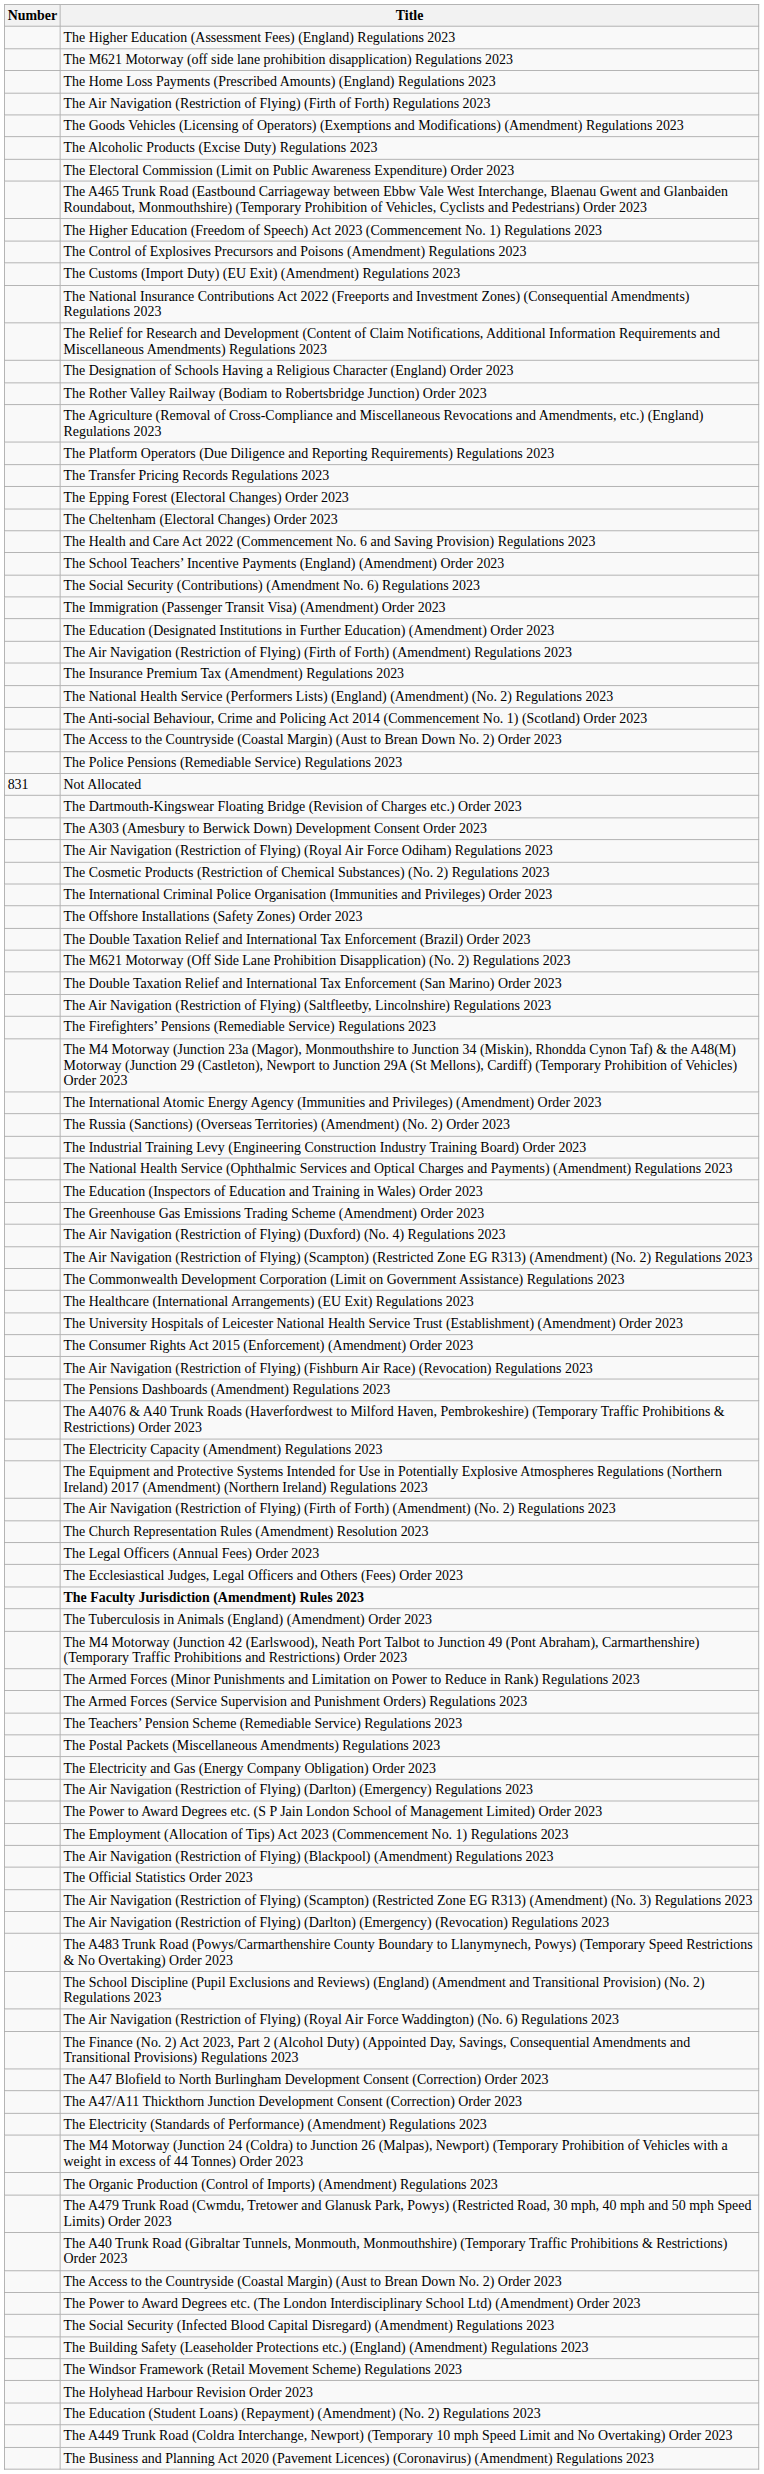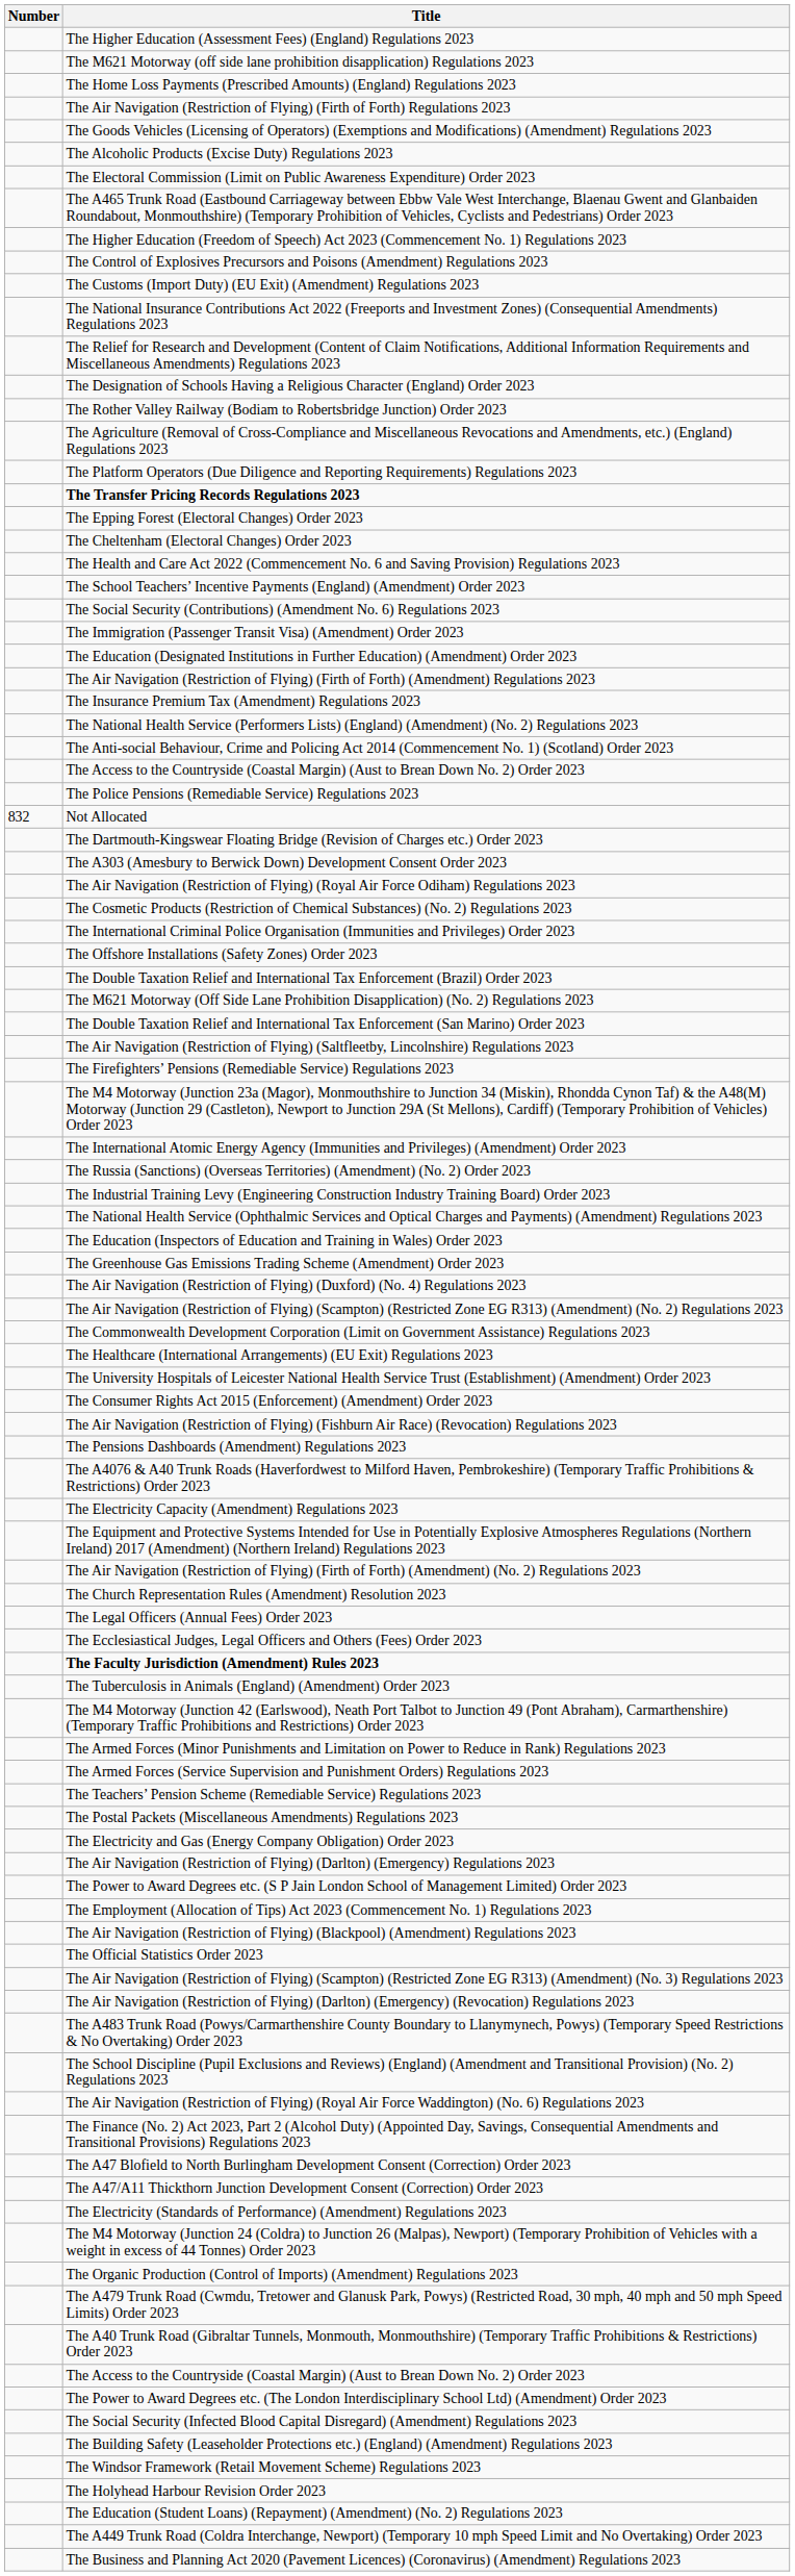 <table class="wikitable collapsible">
 <tr>
 <th>Number</th>
 <th>Title</th>
 </tr>
 <tr>
 <td></td>
 <td>The Higher Education (Assessment Fees) (England) Regulations 2023</td>
 </tr>
 <tr>
 <td></td>
 <td>The M621 Motorway (off side lane prohibition disapplication) Regulations 2023</td>
 </tr>
 <tr>
 <td></td>
 <td>The Home Loss Payments (Prescribed Amounts) (England) Regulations 2023</td>
 </tr>
 <tr>
 <td></td>
 <td>The Air Navigation (Restriction of Flying) (Firth of Forth) Regulations 2023</td>
 </tr>
 <tr>
 <td></td>
 <td>The Goods Vehicles (Licensing of Operators) (Exemptions and Modifications) (Amendment) Regulations 2023</td>
 </tr>
 <tr>
 <td></td>
 <td>The Alcoholic Products (Excise Duty) Regulations 2023</td>
 </tr>
 <tr>
 <td></td>
 <td>The Electoral Commission (Limit on Public Awareness Expenditure) Order 2023</td>
 </tr>
 <tr>
 <td></td>
 <td>The A465 Trunk Road (Eastbound Carriageway between Ebbw Vale West Interchange, Blaenau Gwent and Glanbaiden Roundabout, Monmouthshire) (Temporary Prohibition of Vehicles, Cyclists and Pedestrians) Order 2023</td>
 </tr>
 <tr>
 <td></td>
 <td>The Higher Education (Freedom of Speech) Act 2023 (Commencement No. 1) Regulations 2023</td>
 </tr>
 <tr>
 <td></td>
 <td>The Control of Explosives Precursors and Poisons (Amendment) Regulations 2023</td>
 </tr>
 <tr>
 <td></td>
 <td>The Customs (Import Duty) (EU Exit) (Amendment) Regulations 2023</td>
 </tr>
 <tr>
 <td></td>
 <td>The National Insurance Contributions Act 2022 (Freeports and Investment Zones) (Consequential Amendments) Regulations 2023</td>
 </tr>
 <tr>
 <td></td>
 <td>The Relief for Research and Development (Content of Claim Notifications, Additional Information Requirements and Miscellaneous Amendments) Regulations 2023</td>
 </tr>
 <tr>
 <td></td>
 <td>The Designation of Schools Having a Religious Character (England) Order 2023</td>
 </tr>
 <tr>
 <td></td>
 <td>The Rother Valley Railway (Bodiam to Robertsbridge Junction) Order 2023</td>
 </tr>
 <tr>
 <td></td>
 <td>The Agriculture (Removal of Cross-Compliance and Miscellaneous Revocations and Amendments, etc.) (England) Regulations 2023</td>
 </tr>
 <tr>
 <td></td>
 <td>The Platform Operators (Due Diligence and Reporting Requirements) Regulations 2023</td>
 </tr>
 <tr>
 <td></td>
-<td>The Transfer Pricing Records Regulations 2023</td>
+<td><strong>The Transfer Pricing Records Regulations 2023</strong></td>
 </tr>
 <tr>
 <td></td>
 <td>The Epping Forest (Electoral Changes) Order 2023</td>
 </tr>
 <tr>
 <td></td>
 <td>The Cheltenham (Electoral Changes) Order 2023</td>
 </tr>
 <tr>
 <td></td>
 <td>The Health and Care Act 2022 (Commencement No. 6 and Saving Provision) Regulations 2023</td>
 </tr>
 <tr>
 <td></td>
 <td>The School Teachers’ Incentive Payments (England) (Amendment) Order 2023</td>
 </tr>
 <tr>
 <td></td>
 <td>The Social Security (Contributions) (Amendment No. 6) Regulations 2023</td>
 </tr>
 <tr>
 <td></td>
 <td>The Immigration (Passenger Transit Visa) (Amendment) Order 2023</td>
 </tr>
 <tr>
 <td></td>
 <td>The Education (Designated Institutions in Further Education) (Amendment) Order 2023</td>
 </tr>
 <tr>
 <td></td>
 <td>The Air Navigation (Restriction of Flying) (Firth of Forth) (Amendment) Regulations 2023</td>
 </tr>
 <tr>
 <td></td>
 <td>The Insurance Premium Tax (Amendment) Regulations 2023</td>
 </tr>
 <tr>
 <td></td>
 <td>The National Health Service (Performers Lists) (England) (Amendment) (No. 2) Regulations 2023</td>
 </tr>
 <tr>
 <td></td>
 <td>The Anti-social Behaviour, Crime and Policing Act 2014 (Commencement No. 1) (Scotland) Order 2023</td>
 </tr>
 <tr>
 <td></td>
 <td>The Access to the Countryside (Coastal Margin) (Aust to Brean Down No. 2) Order 2023</td>
 </tr>
 <tr>
 <td></td>
 <td>The Police Pensions (Remediable Service) Regulations 2023</td>
 </tr>
 <tr>
-<td>831</td>
+<td>832</td>
 <td>Not Allocated</td>
 </tr>
 <tr>
 <td></td>
 <td>The Dartmouth-Kingswear Floating Bridge (Revision of Charges etc.) Order 2023</td>
 </tr>
 <tr>
 <td></td>
 <td>The A303 (Amesbury to Berwick Down) Development Consent Order 2023</td>
 </tr>
 <tr>
 <td></td>
 <td>The Air Navigation (Restriction of Flying) (Royal Air Force Odiham) Regulations 2023</td>
 </tr>
 <tr>
 <td></td>
 <td>The Cosmetic Products (Restriction of Chemical Substances) (No. 2) Regulations 2023</td>
 </tr>
 <tr>
 <td></td>
 <td>The International Criminal Police Organisation (Immunities and Privileges) Order 2023</td>
 </tr>
 <tr>
 <td></td>
 <td>The Offshore Installations (Safety Zones) Order 2023</td>
 </tr>
 <tr>
 <td></td>
 <td>The Double Taxation Relief and International Tax Enforcement (Brazil) Order 2023</td>
 </tr>
 <tr>
 <td></td>
 <td>The M621 Motorway (Off Side Lane Prohibition Disapplication) (No. 2) Regulations 2023</td>
 </tr>
 <tr>
 <td></td>
 <td>The Double Taxation Relief and International Tax Enforcement (San Marino) Order 2023</td>
 </tr>
 <tr>
 <td></td>
 <td>The Air Navigation (Restriction of Flying) (Saltfleetby, Lincolnshire) Regulations 2023</td>
 </tr>
 <tr>
 <td></td>
 <td>The Firefighters’ Pensions (Remediable Service) Regulations 2023</td>
 </tr>
 <tr>
 <td></td>
 <td>The M4 Motorway (Junction 23a (Magor), Monmouthshire to Junction 34 (Miskin), Rhondda Cynon Taf) & the A48(M) Motorway (Junction 29 (Castleton), Newport to Junction 29A (St Mellons), Cardiff) (Temporary Prohibition of Vehicles) Order 2023</td>
 </tr>
 <tr>
 <td></td>
 <td>The International Atomic Energy Agency (Immunities and Privileges) (Amendment) Order 2023</td>
 </tr>
 <tr>
 <td></td>
 <td>The Russia (Sanctions) (Overseas Territories) (Amendment) (No. 2) Order 2023</td>
 </tr>
 <tr>
 <td></td>
 <td>The Industrial Training Levy (Engineering Construction Industry Training Board) Order 2023</td>
 </tr>
 <tr>
 <td></td>
 <td>The National Health Service (Ophthalmic Services and Optical Charges and Payments) (Amendment) Regulations 2023</td>
 </tr>
 <tr>
 <td></td>
 <td>The Education (Inspectors of Education and Training in Wales) Order 2023</td>
 </tr>
 <tr>
 <td></td>
 <td>The Greenhouse Gas Emissions Trading Scheme (Amendment) Order 2023</td>
 </tr>
 <tr>
 <td></td>
 <td>The Air Navigation (Restriction of Flying) (Duxford) (No. 4) Regulations 2023</td>
 </tr>
 <tr>
 <td></td>
 <td>The Air Navigation (Restriction of Flying) (Scampton) (Restricted Zone EG R313) (Amendment) (No. 2) Regulations 2023</td>
 </tr>
 <tr>
 <td></td>
 <td>The Commonwealth Development Corporation (Limit on Government Assistance) Regulations 2023</td>
 </tr>
 <tr>
 <td></td>
 <td>The Healthcare (International Arrangements) (EU Exit) Regulations 2023</td>
 </tr>
 <tr>
 <td></td>
 <td>The University Hospitals of Leicester National Health Service Trust (Establishment) (Amendment) Order 2023</td>
 </tr>
 <tr>
 <td></td>
 <td>The Consumer Rights Act 2015 (Enforcement) (Amendment) Order 2023</td>
 </tr>
 <tr>
 <td></td>
 <td>The Air Navigation (Restriction of Flying) (Fishburn Air Race) (Revocation) Regulations 2023</td>
 </tr>
 <tr>
 <td></td>
 <td>The Pensions Dashboards (Amendment) Regulations 2023</td>
 </tr>
 <tr>
 <td></td>
 <td>The A4076 & A40 Trunk Roads (Haverfordwest to Milford Haven, Pembrokeshire) (Temporary Traffic Prohibitions & Restrictions) Order 2023</td>
 </tr>
 <tr>
 <td></td>
 <td>The Electricity Capacity (Amendment) Regulations 2023</td>
 </tr>
 <tr>
 <td></td>
 <td>The Equipment and Protective Systems Intended for Use in Potentially Explosive Atmospheres Regulations (Northern Ireland) 2017 (Amendment) (Northern Ireland) Regulations 2023</td>
 </tr>
 <tr>
 <td></td>
 <td>The Air Navigation (Restriction of Flying) (Firth of Forth) (Amendment) (No. 2) Regulations 2023</td>
 </tr>
 <tr>
 <td></td>
 <td>The Church Representation Rules (Amendment) Resolution 2023</td>
 </tr>
 <tr>
 <td></td>
 <td>The Legal Officers (Annual Fees) Order 2023</td>
 </tr>
 <tr>
 <td></td>
 <td>The Ecclesiastical Judges, Legal Officers and Others (Fees) Order 2023</td>
 </tr>
 <tr>
 <td></td>
 <td><strong>The Faculty Jurisdiction (Amendment) Rules 2023</strong></td>
 </tr>
 <tr>
 <td></td>
 <td>The Tuberculosis in Animals (England) (Amendment) Order 2023</td>
 </tr>
 <tr>
 <td></td>
 <td>The M4 Motorway (Junction 42 (Earlswood), Neath Port Talbot to Junction 49 (Pont Abraham), Carmarthenshire) (Temporary Traffic Prohibitions and Restrictions) Order 2023</td>
 </tr>
 <tr>
 <td></td>
 <td>The Armed Forces (Minor Punishments and Limitation on Power to Reduce in Rank) Regulations 2023</td>
 </tr>
 <tr>
 <td></td>
 <td>The Armed Forces (Service Supervision and Punishment Orders) Regulations 2023</td>
 </tr>
 <tr>
 <td></td>
 <td>The Teachers’ Pension Scheme (Remediable Service) Regulations 2023</td>
 </tr>
 <tr>
 <td></td>
 <td>The Postal Packets (Miscellaneous Amendments) Regulations 2023</td>
 </tr>
 <tr>
 <td></td>
 <td>The Electricity and Gas (Energy Company Obligation) Order 2023</td>
 </tr>
 <tr>
 <td></td>
 <td>The Air Navigation (Restriction of Flying) (Darlton) (Emergency) Regulations 2023</td>
 </tr>
 <tr>
 <td></td>
 <td>The Power to Award Degrees etc. (S P Jain London School of Management Limited) Order 2023</td>
 </tr>
 <tr>
 <td></td>
 <td>The Employment (Allocation of Tips) Act 2023 (Commencement No. 1) Regulations 2023</td>
 </tr>
 <tr>
 <td></td>
 <td>The Air Navigation (Restriction of Flying) (Blackpool) (Amendment) Regulations 2023</td>
 </tr>
 <tr>
 <td></td>
 <td>The Official Statistics Order 2023</td>
 </tr>
 <tr>
 <td></td>
 <td>The Air Navigation (Restriction of Flying) (Scampton) (Restricted Zone EG R313) (Amendment) (No. 3) Regulations 2023</td>
 </tr>
 <tr>
 <td></td>
 <td>The Air Navigation (Restriction of Flying) (Darlton) (Emergency) (Revocation) Regulations 2023</td>
 </tr>
 <tr>
 <td></td>
 <td>The A483 Trunk Road (Powys/Carmarthenshire County Boundary to Llanymynech, Powys) (Temporary Speed Restrictions & No Overtaking) Order 2023</td>
 </tr>
 <tr>
 <td></td>
 <td>The School Discipline (Pupil Exclusions and Reviews) (England) (Amendment and Transitional Provision) (No. 2) Regulations 2023</td>
 </tr>
 <tr>
 <td></td>
 <td>The Air Navigation (Restriction of Flying) (Royal Air Force Waddington) (No. 6) Regulations 2023</td>
 </tr>
 <tr>
 <td></td>
 <td>The Finance (No. 2) Act 2023, Part 2 (Alcohol Duty) (Appointed Day, Savings, Consequential Amendments and Transitional Provisions) Regulations 2023</td>
 </tr>
 <tr>
 <td></td>
 <td>The A47 Blofield to North Burlingham Development Consent (Correction) Order 2023</td>
 </tr>
 <tr>
 <td></td>
 <td>The A47/A11 Thickthorn Junction Development Consent (Correction) Order 2023</td>
 </tr>
 <tr>
 <td></td>
 <td>The Electricity (Standards of Performance) (Amendment) Regulations 2023</td>
 </tr>
 <tr>
 <td></td>
 <td>The M4 Motorway (Junction 24 (Coldra) to Junction 26 (Malpas), Newport) (Temporary Prohibition of Vehicles with a weight in excess of 44 Tonnes) Order 2023</td>
 </tr>
 <tr>
 <td></td>
 <td>The Organic Production (Control of Imports) (Amendment) Regulations 2023</td>
 </tr>
 <tr>
 <td></td>
 <td>The A479 Trunk Road (Cwmdu, Tretower and Glanusk Park, Powys) (Restricted Road, 30 mph, 40 mph and 50 mph Speed Limits) Order 2023</td>
 </tr>
 <tr>
 <td></td>
 <td>The A40 Trunk Road (Gibraltar Tunnels, Monmouth, Monmouthshire) (Temporary Traffic Prohibitions & Restrictions) Order 2023</td>
 </tr>
 <tr>
 <td></td>
 <td>The Access to the Countryside (Coastal Margin) (Aust to Brean Down No. 2) Order 2023</td>
 </tr>
 <tr>
 <td></td>
 <td>The Power to Award Degrees etc. (The London Interdisciplinary School Ltd) (Amendment) Order 2023</td>
 </tr>
 <tr>
 <td></td>
 <td>The Social Security (Infected Blood Capital Disregard) (Amendment) Regulations 2023</td>
 </tr>
 <tr>
 <td></td>
 <td>The Building Safety (Leaseholder Protections etc.) (England) (Amendment) Regulations 2023</td>
 </tr>
 <tr>
 <td></td>
 <td>The Windsor Framework (Retail Movement Scheme) Regulations 2023</td>
 </tr>
 <tr>
 <td></td>
 <td>The Holyhead Harbour Revision Order 2023</td>
 </tr>
 <tr>
 <td></td>
 <td>The Education (Student Loans) (Repayment) (Amendment) (No. 2) Regulations 2023</td>
 </tr>
 <tr>
 <td></td>
 <td>The A449 Trunk Road (Coldra Interchange, Newport) (Temporary 10 mph Speed Limit and No Overtaking) Order 2023</td>
 </tr>
 <tr>
 <td></td>
 <td>The Business and Planning Act 2020 (Pavement Licences) (Coronavirus) (Amendment) Regulations 2023</td>
 </tr>
 </table>
